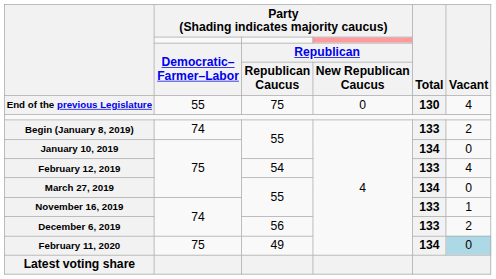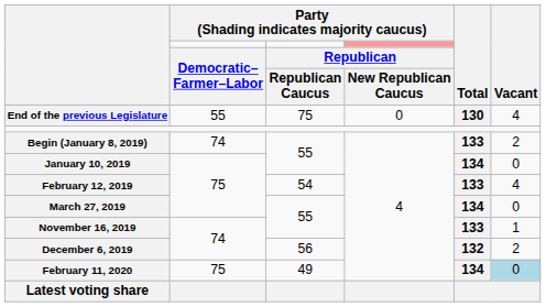 <table class=wikitable style="text-align:center">
 <tr style="vertical-align:bottom;">
 <th rowspan="4"></th>
 <th colspan=3>Party <div>(Shading indicates majority caucus)</div></th>
 <th rowspan="4">Total</th>
 <th rowspan="4">Vacant</th>
 </tr>
 <tr>
 <td style="background-color:"></td>
 <td style="background-color:"></td>
 <td style="background-color:#FF999C"></td>
 </tr>
 <tr>
 <th rowspan="2"><a href='#'>Democratic–<br>Farmer–Labor</a></th>
 <th colspan="2"><a href='#'>Republican</a></th>
 </tr>
 <tr>
 <th>Republican<br>Caucus</th>
 <th>New Republican<br>Caucus</th>
 </tr>
 <tr>
 <th nowrap style="font-size:80%">End of the <a href='#'>previous Legislature</a></th>
 <td>55</td>
 <td>75</td>
 <td>0</td>
 <th>130</th>
 <td>4</td>
 </tr>
 <tr>
 <td colspan="6"></td>
 </tr>
 <tr>
 <th nowrap style="font-size:80%">Begin (January 8, 2019)</th>
 <td>74</td>
 <td rowspan="2">55</td>
 <td rowspan="7">4</td>
 <th>133</th>
 <td>2</td>
 </tr>
 <tr>
 <th nowrap style="font-size:80%">January 10, 2019</th>
 <td rowspan="3" >75</td>
 <th>134</th>
 <td>0</td>
 </tr>
 <tr>
 <th nowrap style="font-size:80%">February 12, 2019</th>
 <td>54</td>
 <th>133</th>
 <td>4</td>
 </tr>
 <tr>
 <th nowrap style="font-size:80%">March 27, 2019</th>
 <td rowspan="2">55</td>
 <th>134</th>
 <td>0</td>
 </tr>
 <tr>
 <th nowrap style="font-size:80%">November 16, 2019</th>
 <td rowspan="2" >74</td>
 <th>133</th>
 <td>1</td>
 </tr>
 <tr>
 <th nowrap style="font-size:80%">December 6, 2019</th>
 <td>56</td>
-<th>133</th>
+<th>132</th>
 <td>2</td>
 </tr>
 <tr>
 <th nowrap style="font-size:80%">February 11, 2020</th>
 <td>75</td>
 <td>49</td>
 <th>134</th>
 <td style="background: lightblue;">0</td>
 </tr>
 <tr>
 <th>Latest voting share</th>
 <th></th>
 <th></th>
 <th></th>
 <th colspan="2"></th>
 </tr>
 </table>
